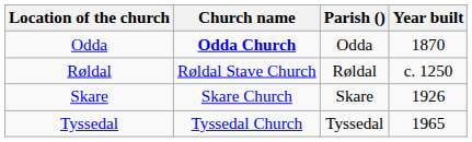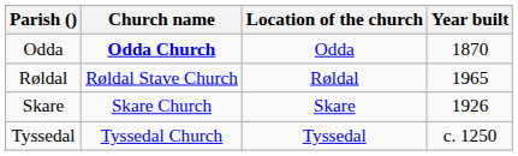 <table class="wikitable" style="text-align:center">
 <tr>
+<th>Parish ()</th>
+<th>Church name</th>
 <th>Location of the church</th>
-<th>Church name</th>
-<th>Parish ()</th>
 <th>Year built</th>
 </tr>
 <tr>
+<td>Odda</td>
+<td><strong><a href='#'>Odda Church</a></strong></td>
 <td><a href='#'>Odda</a></td>
-<td><strong><a href='#'>Odda Church</a></strong></td>
-<td>Odda</td>
 <td>1870</td>
 </tr>
 <tr>
+<td>Røldal</td>
+<td><a href='#'>Røldal Stave Church</a></td>
 <td><a href='#'>Røldal</a></td>
-<td><a href='#'>Røldal Stave Church</a></td>
-<td>Røldal</td>
-<td>c. 1250</td>
+<td>1965</td>
 </tr>
 <tr>
+<td>Skare</td>
+<td><a href='#'>Skare Church</a></td>
 <td><a href='#'>Skare</a></td>
-<td><a href='#'>Skare Church</a></td>
-<td>Skare</td>
 <td>1926</td>
 </tr>
 <tr>
+<td>Tyssedal</td>
+<td><a href='#'>Tyssedal Church</a></td>
 <td><a href='#'>Tyssedal</a></td>
-<td><a href='#'>Tyssedal Church</a></td>
-<td>Tyssedal</td>
-<td>1965</td>
+<td>c. 1250</td>
 </tr>
 </table>
